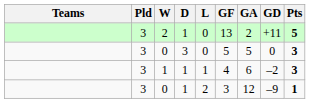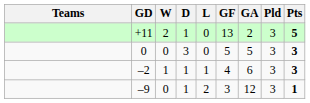 <table class="wikitable" style="text-align: center;">
 <tr>
 <th width=165>Teams</th>
-<th width=20>Pld</th>
+<th width=20>GD</th>
 <th width=20>W</th>
 <th width=20>D</th>
 <th width=20>L</th>
 <th width=20>GF</th>
 <th width=20>GA</th>
-<th width=20>GD</th>
+<th width=20>Pld</th>
 <th width=20>Pts</th>
 </tr>
 <tr align=center style="background:#ccffcc;">
 <td style="text-align:left;"></td>
-<td>3</td>
+<td>+11</td>
 <td>2</td>
 <td>1</td>
 <td>0</td>
 <td>13</td>
 <td>2</td>
-<td>+11</td>
+<td>3</td>
 <td><strong>5</strong></td>
 </tr>
 <tr align=center>
 <td style="text-align:left;"></td>
-<td>3</td>
+<td>0</td>
 <td>0</td>
 <td>3</td>
 <td>0</td>
 <td>5</td>
 <td>5</td>
-<td>0</td>
+<td>3</td>
 <td><strong>3</strong></td>
 </tr>
 <tr align=center>
 <td style="text-align:left;"></td>
-<td>3</td>
+<td>–2</td>
 <td>1</td>
 <td>1</td>
 <td>1</td>
 <td>4</td>
 <td>6</td>
-<td>–2</td>
+<td>3</td>
 <td><strong>3</strong></td>
 </tr>
 <tr align=center>
 <td style="text-align:left;"></td>
-<td>3</td>
+<td>–9</td>
 <td>0</td>
 <td>1</td>
 <td>2</td>
 <td>3</td>
 <td>12</td>
-<td>–9</td>
+<td>3</td>
 <td><strong>1</strong></td>
 </tr>
 </table>
